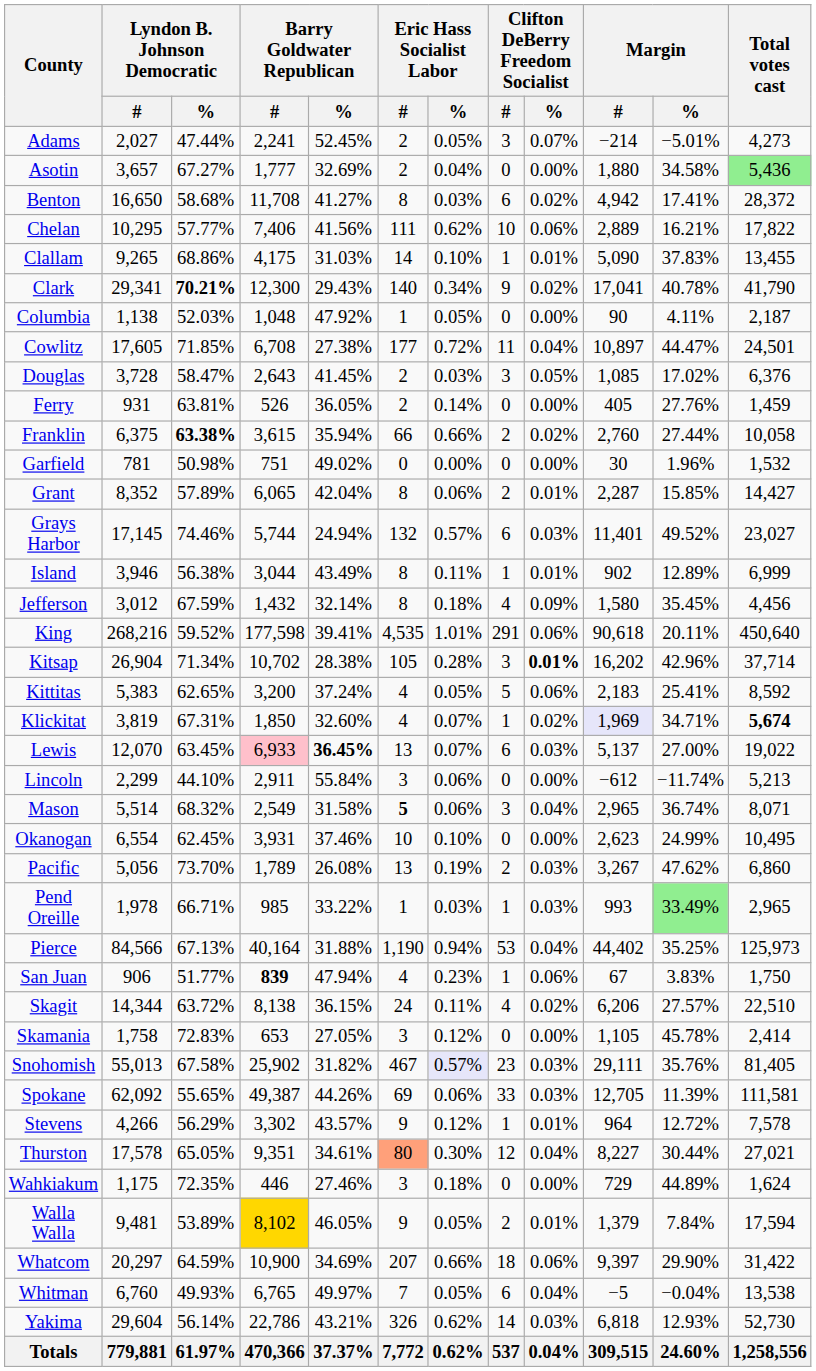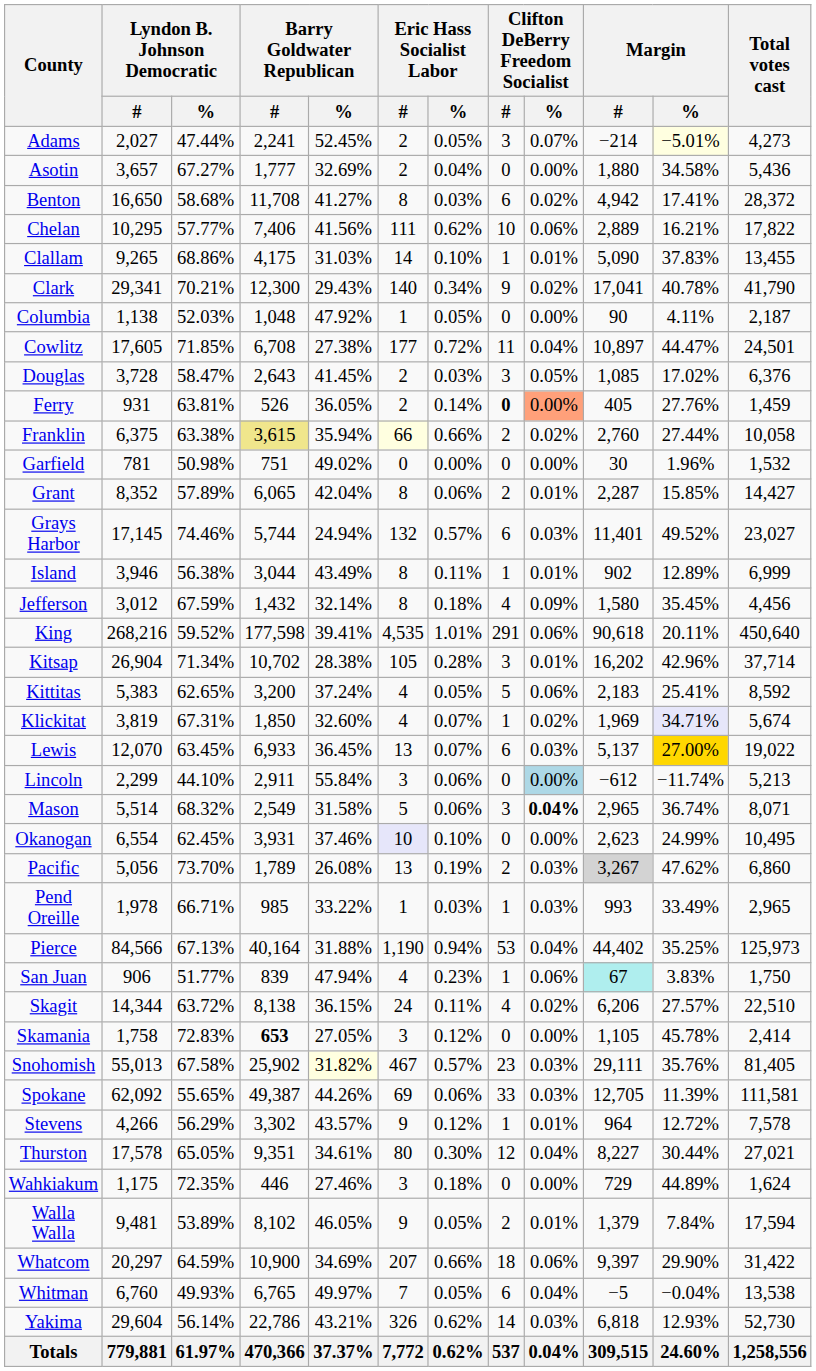 <table width="60%" class="wikitable sortable" style="text-align:center">
 <tr>
 <th rowspan="2" style="text-align:center;">County</th>
 <th colspan="2" style="text-align:center;">Lyndon B. Johnson<br>Democratic</th>
 <th colspan="2" style="text-align:center;">Barry Goldwater<br>Republican</th>
 <th colspan="2" style="text-align:center;">Eric Hass<br>Socialist Labor</th>
 <th colspan="2" style="text-align:center;">Clifton DeBerry<br>Freedom Socialist</th>
 <th colspan="2" style="text-align:center;">Margin</th>
 <th rowspan="2" style="text-align:center;">Total votes cast</th>
 </tr>
 <tr>
 <th style="text-align:center;" data-sort-type="number">#</th>
 <th style="text-align:center;" data-sort-type="number">%</th>
 <th style="text-align:center;" data-sort-type="number">#</th>
 <th style="text-align:center;" data-sort-type="number">%</th>
 <th style="text-align:center;" data-sort-type="number">#</th>
 <th style="text-align:center;" data-sort-type="number">%</th>
 <th style="text-align:center;" data-sort-type="number">#</th>
 <th style="text-align:center;" data-sort-type="number">%</th>
 <th style="text-align:center;" data-sort-type="number">#</th>
 <th style="text-align:center;" data-sort-type="number">%</th>
 </tr>
 <tr style="text-align:center;">
 <td><a href='#'>Adams</a></td>
 <td>2,027</td>
 <td>47.44%</td>
 <td>2,241</td>
 <td>52.45%</td>
 <td>2</td>
 <td>0.05%</td>
 <td>3</td>
 <td>0.07%</td>
 <td>−214</td>
-<td>−5.01%</td>
+<td style="background: lightyellow;">−5.01%</td>
 <td>4,273</td>
 </tr>
 <tr style="text-align:center;">
 <td><a href='#'>Asotin</a></td>
 <td>3,657</td>
 <td>67.27%</td>
 <td>1,777</td>
 <td>32.69%</td>
 <td>2</td>
 <td>0.04%</td>
 <td>0</td>
 <td>0.00%</td>
 <td>1,880</td>
 <td>34.58%</td>
-<td style="background: lightgreen;">5,436</td>
+<td>5,436</td>
 </tr>
 <tr style="text-align:center;">
 <td><a href='#'>Benton</a></td>
 <td>16,650</td>
 <td>58.68%</td>
 <td>11,708</td>
 <td>41.27%</td>
 <td>8</td>
 <td>0.03%</td>
 <td>6</td>
 <td>0.02%</td>
 <td>4,942</td>
 <td>17.41%</td>
 <td>28,372</td>
 </tr>
 <tr style="text-align:center;">
 <td><a href='#'>Chelan</a></td>
 <td>10,295</td>
 <td>57.77%</td>
 <td>7,406</td>
 <td>41.56%</td>
 <td>111</td>
 <td>0.62%</td>
 <td>10</td>
 <td>0.06%</td>
 <td>2,889</td>
 <td>16.21%</td>
 <td>17,822</td>
 </tr>
 <tr style="text-align:center;">
 <td><a href='#'>Clallam</a></td>
 <td>9,265</td>
 <td>68.86%</td>
 <td>4,175</td>
 <td>31.03%</td>
 <td>14</td>
 <td>0.10%</td>
 <td>1</td>
 <td>0.01%</td>
 <td>5,090</td>
 <td>37.83%</td>
 <td>13,455</td>
 </tr>
 <tr style="text-align:center;">
 <td><a href='#'>Clark</a></td>
 <td>29,341</td>
-<td><strong>70.21%</strong></td>
+<td>70.21%</td>
 <td>12,300</td>
 <td>29.43%</td>
 <td>140</td>
 <td>0.34%</td>
 <td>9</td>
 <td>0.02%</td>
 <td>17,041</td>
 <td>40.78%</td>
 <td>41,790</td>
 </tr>
 <tr style="text-align:center;">
 <td><a href='#'>Columbia</a></td>
 <td>1,138</td>
 <td>52.03%</td>
 <td>1,048</td>
 <td>47.92%</td>
 <td>1</td>
 <td>0.05%</td>
 <td>0</td>
 <td>0.00%</td>
 <td>90</td>
 <td>4.11%</td>
 <td>2,187</td>
 </tr>
 <tr style="text-align:center;">
 <td><a href='#'>Cowlitz</a></td>
 <td>17,605</td>
 <td>71.85%</td>
 <td>6,708</td>
 <td>27.38%</td>
 <td>177</td>
 <td>0.72%</td>
 <td>11</td>
 <td>0.04%</td>
 <td>10,897</td>
 <td>44.47%</td>
 <td>24,501</td>
 </tr>
 <tr style="text-align:center;">
 <td><a href='#'>Douglas</a></td>
 <td>3,728</td>
 <td>58.47%</td>
 <td>2,643</td>
 <td>41.45%</td>
 <td>2</td>
 <td>0.03%</td>
 <td>3</td>
 <td>0.05%</td>
 <td>1,085</td>
 <td>17.02%</td>
 <td>6,376</td>
 </tr>
 <tr style="text-align:center;">
 <td><a href='#'>Ferry</a></td>
 <td>931</td>
 <td>63.81%</td>
 <td>526</td>
 <td>36.05%</td>
 <td>2</td>
 <td>0.14%</td>
-<td>0</td>
-<td>0.00%</td>
+<td><strong>0</strong></td>
+<td style="background: lightsalmon;">0.00%</td>
 <td>405</td>
 <td>27.76%</td>
 <td>1,459</td>
 </tr>
 <tr style="text-align:center;">
 <td><a href='#'>Franklin</a></td>
 <td>6,375</td>
-<td><strong>63.38%</strong></td>
-<td>3,615</td>
+<td>63.38%</td>
+<td style="background: khaki;">3,615</td>
 <td>35.94%</td>
-<td>66</td>
+<td style="background: lightyellow;">66</td>
 <td>0.66%</td>
 <td>2</td>
 <td>0.02%</td>
 <td>2,760</td>
 <td>27.44%</td>
 <td>10,058</td>
 </tr>
 <tr style="text-align:center;">
 <td><a href='#'>Garfield</a></td>
 <td>781</td>
 <td>50.98%</td>
 <td>751</td>
 <td>49.02%</td>
 <td>0</td>
 <td>0.00%</td>
 <td>0</td>
 <td>0.00%</td>
 <td>30</td>
 <td>1.96%</td>
 <td>1,532</td>
 </tr>
 <tr style="text-align:center;">
 <td><a href='#'>Grant</a></td>
 <td>8,352</td>
 <td>57.89%</td>
 <td>6,065</td>
 <td>42.04%</td>
 <td>8</td>
 <td>0.06%</td>
 <td>2</td>
 <td>0.01%</td>
 <td>2,287</td>
 <td>15.85%</td>
 <td>14,427</td>
 </tr>
 <tr style="text-align:center;">
 <td><a href='#'>Grays Harbor</a></td>
 <td>17,145</td>
 <td>74.46%</td>
 <td>5,744</td>
 <td>24.94%</td>
 <td>132</td>
 <td>0.57%</td>
 <td>6</td>
 <td>0.03%</td>
 <td>11,401</td>
 <td>49.52%</td>
 <td>23,027</td>
 </tr>
 <tr style="text-align:center;">
 <td><a href='#'>Island</a></td>
 <td>3,946</td>
 <td>56.38%</td>
 <td>3,044</td>
 <td>43.49%</td>
 <td>8</td>
 <td>0.11%</td>
 <td>1</td>
 <td>0.01%</td>
 <td>902</td>
 <td>12.89%</td>
 <td>6,999</td>
 </tr>
 <tr style="text-align:center;">
 <td><a href='#'>Jefferson</a></td>
 <td>3,012</td>
 <td>67.59%</td>
 <td>1,432</td>
 <td>32.14%</td>
 <td>8</td>
 <td>0.18%</td>
 <td>4</td>
 <td>0.09%</td>
 <td>1,580</td>
 <td>35.45%</td>
 <td>4,456</td>
 </tr>
 <tr style="text-align:center;">
 <td><a href='#'>King</a></td>
 <td>268,216</td>
 <td>59.52%</td>
 <td>177,598</td>
 <td>39.41%</td>
 <td>4,535</td>
 <td>1.01%</td>
 <td>291</td>
 <td>0.06%</td>
 <td>90,618</td>
 <td>20.11%</td>
 <td>450,640</td>
 </tr>
 <tr style="text-align:center;">
 <td><a href='#'>Kitsap</a></td>
 <td>26,904</td>
 <td>71.34%</td>
 <td>10,702</td>
 <td>28.38%</td>
 <td>105</td>
 <td>0.28%</td>
 <td>3</td>
-<td><strong>0.01%</strong></td>
+<td>0.01%</td>
 <td>16,202</td>
 <td>42.96%</td>
 <td>37,714</td>
 </tr>
 <tr style="text-align:center;">
 <td><a href='#'>Kittitas</a></td>
 <td>5,383</td>
 <td>62.65%</td>
 <td>3,200</td>
 <td>37.24%</td>
 <td>4</td>
 <td>0.05%</td>
 <td>5</td>
 <td>0.06%</td>
 <td>2,183</td>
 <td>25.41%</td>
 <td>8,592</td>
 </tr>
 <tr style="text-align:center;">
 <td><a href='#'>Klickitat</a></td>
 <td>3,819</td>
 <td>67.31%</td>
 <td>1,850</td>
 <td>32.60%</td>
 <td>4</td>
 <td>0.07%</td>
 <td>1</td>
 <td>0.02%</td>
-<td style="background: lavender;">1,969</td>
-<td>34.71%</td>
-<td><strong>5,674</strong></td>
+<td>1,969</td>
+<td style="background: lavender;">34.71%</td>
+<td>5,674</td>
 </tr>
 <tr style="text-align:center;">
 <td><a href='#'>Lewis</a></td>
 <td>12,070</td>
 <td>63.45%</td>
-<td style="background: pink;">6,933</td>
-<td><strong>36.45%</strong></td>
+<td>6,933</td>
+<td>36.45%</td>
 <td>13</td>
 <td>0.07%</td>
 <td>6</td>
 <td>0.03%</td>
 <td>5,137</td>
-<td>27.00%</td>
+<td style="background: gold;">27.00%</td>
 <td>19,022</td>
 </tr>
 <tr style="text-align:center;">
 <td><a href='#'>Lincoln</a></td>
 <td>2,299</td>
 <td>44.10%</td>
 <td>2,911</td>
 <td>55.84%</td>
 <td>3</td>
 <td>0.06%</td>
 <td>0</td>
-<td>0.00%</td>
+<td style="background: lightblue;">0.00%</td>
 <td>−612</td>
 <td>−11.74%</td>
 <td>5,213</td>
 </tr>
 <tr style="text-align:center;">
 <td><a href='#'>Mason</a></td>
 <td>5,514</td>
 <td>68.32%</td>
 <td>2,549</td>
 <td>31.58%</td>
-<td><strong>5</strong></td>
+<td>5</td>
 <td>0.06%</td>
 <td>3</td>
-<td>0.04%</td>
+<td><strong>0.04%</strong></td>
 <td>2,965</td>
 <td>36.74%</td>
 <td>8,071</td>
 </tr>
 <tr style="text-align:center;">
 <td><a href='#'>Okanogan</a></td>
 <td>6,554</td>
 <td>62.45%</td>
 <td>3,931</td>
 <td>37.46%</td>
-<td>10</td>
+<td style="background: lavender;">10</td>
 <td>0.10%</td>
 <td>0</td>
 <td>0.00%</td>
 <td>2,623</td>
 <td>24.99%</td>
 <td>10,495</td>
 </tr>
 <tr style="text-align:center;">
 <td><a href='#'>Pacific</a></td>
 <td>5,056</td>
 <td>73.70%</td>
 <td>1,789</td>
 <td>26.08%</td>
 <td>13</td>
 <td>0.19%</td>
 <td>2</td>
 <td>0.03%</td>
-<td>3,267</td>
+<td style="background: lightgrey;">3,267</td>
 <td>47.62%</td>
 <td>6,860</td>
 </tr>
 <tr style="text-align:center;">
 <td><a href='#'>Pend Oreille</a></td>
 <td>1,978</td>
 <td>66.71%</td>
 <td>985</td>
 <td>33.22%</td>
 <td>1</td>
 <td>0.03%</td>
 <td>1</td>
 <td>0.03%</td>
 <td>993</td>
-<td style="background: lightgreen;">33.49%</td>
+<td>33.49%</td>
 <td>2,965</td>
 </tr>
 <tr style="text-align:center;">
 <td><a href='#'>Pierce</a></td>
 <td>84,566</td>
 <td>67.13%</td>
 <td>40,164</td>
 <td>31.88%</td>
 <td>1,190</td>
 <td>0.94%</td>
 <td>53</td>
 <td>0.04%</td>
 <td>44,402</td>
 <td>35.25%</td>
 <td>125,973</td>
 </tr>
 <tr style="text-align:center;">
 <td><a href='#'>San Juan</a></td>
 <td>906</td>
 <td>51.77%</td>
-<td><strong>839</strong></td>
+<td>839</td>
 <td>47.94%</td>
 <td>4</td>
 <td>0.23%</td>
 <td>1</td>
 <td>0.06%</td>
-<td>67</td>
+<td style="background: paleturquoise;">67</td>
 <td>3.83%</td>
 <td>1,750</td>
 </tr>
 <tr style="text-align:center;">
 <td><a href='#'>Skagit</a></td>
 <td>14,344</td>
 <td>63.72%</td>
 <td>8,138</td>
 <td>36.15%</td>
 <td>24</td>
 <td>0.11%</td>
 <td>4</td>
 <td>0.02%</td>
 <td>6,206</td>
 <td>27.57%</td>
 <td>22,510</td>
 </tr>
 <tr style="text-align:center;">
 <td><a href='#'>Skamania</a></td>
 <td>1,758</td>
 <td>72.83%</td>
-<td>653</td>
+<td><strong>653</strong></td>
 <td>27.05%</td>
 <td>3</td>
 <td>0.12%</td>
 <td>0</td>
 <td>0.00%</td>
 <td>1,105</td>
 <td>45.78%</td>
 <td>2,414</td>
 </tr>
 <tr style="text-align:center;">
 <td><a href='#'>Snohomish</a></td>
 <td>55,013</td>
 <td>67.58%</td>
 <td>25,902</td>
-<td>31.82%</td>
+<td style="background: lightyellow;">31.82%</td>
 <td>467</td>
-<td style="background: lavender;">0.57%</td>
+<td>0.57%</td>
 <td>23</td>
 <td>0.03%</td>
 <td>29,111</td>
 <td>35.76%</td>
 <td>81,405</td>
 </tr>
 <tr style="text-align:center;">
 <td><a href='#'>Spokane</a></td>
 <td>62,092</td>
 <td>55.65%</td>
 <td>49,387</td>
 <td>44.26%</td>
 <td>69</td>
 <td>0.06%</td>
 <td>33</td>
 <td>0.03%</td>
 <td>12,705</td>
 <td>11.39%</td>
 <td>111,581</td>
 </tr>
 <tr style="text-align:center;">
 <td><a href='#'>Stevens</a></td>
 <td>4,266</td>
 <td>56.29%</td>
 <td>3,302</td>
 <td>43.57%</td>
 <td>9</td>
 <td>0.12%</td>
 <td>1</td>
 <td>0.01%</td>
 <td>964</td>
 <td>12.72%</td>
 <td>7,578</td>
 </tr>
 <tr style="text-align:center;">
 <td><a href='#'>Thurston</a></td>
 <td>17,578</td>
 <td>65.05%</td>
 <td>9,351</td>
 <td>34.61%</td>
-<td style="background: lightsalmon;">80</td>
+<td>80</td>
 <td>0.30%</td>
 <td>12</td>
 <td>0.04%</td>
 <td>8,227</td>
 <td>30.44%</td>
 <td>27,021</td>
 </tr>
 <tr style="text-align:center;">
 <td><a href='#'>Wahkiakum</a></td>
 <td>1,175</td>
 <td>72.35%</td>
 <td>446</td>
 <td>27.46%</td>
 <td>3</td>
 <td>0.18%</td>
 <td>0</td>
 <td>0.00%</td>
 <td>729</td>
 <td>44.89%</td>
 <td>1,624</td>
 </tr>
 <tr style="text-align:center;">
 <td><a href='#'>Walla Walla</a></td>
 <td>9,481</td>
 <td>53.89%</td>
-<td style="background: gold;">8,102</td>
+<td>8,102</td>
 <td>46.05%</td>
 <td>9</td>
 <td>0.05%</td>
 <td>2</td>
 <td>0.01%</td>
 <td>1,379</td>
 <td>7.84%</td>
 <td>17,594</td>
 </tr>
 <tr style="text-align:center;">
 <td><a href='#'>Whatcom</a></td>
 <td>20,297</td>
 <td>64.59%</td>
 <td>10,900</td>
 <td>34.69%</td>
 <td>207</td>
 <td>0.66%</td>
 <td>18</td>
 <td>0.06%</td>
 <td>9,397</td>
 <td>29.90%</td>
 <td>31,422</td>
 </tr>
 <tr style="text-align:center;">
 <td><a href='#'>Whitman</a></td>
 <td>6,760</td>
 <td>49.93%</td>
 <td>6,765</td>
 <td>49.97%</td>
 <td>7</td>
 <td>0.05%</td>
 <td>6</td>
 <td>0.04%</td>
 <td>−5</td>
 <td>−0.04%</td>
 <td>13,538</td>
 </tr>
 <tr style="text-align:center;">
 <td><a href='#'>Yakima</a></td>
 <td>29,604</td>
 <td>56.14%</td>
 <td>22,786</td>
 <td>43.21%</td>
 <td>326</td>
 <td>0.62%</td>
 <td>14</td>
 <td>0.03%</td>
 <td>6,818</td>
 <td>12.93%</td>
 <td>52,730</td>
 </tr>
 <tr style="text-align:center;">
 <th>Totals</th>
 <th>779,881</th>
 <th>61.97%</th>
 <th>470,366</th>
 <th>37.37%</th>
 <th>7,772</th>
 <th>0.62%</th>
 <th>537</th>
 <th>0.04%</th>
 <th>309,515</th>
 <th>24.60%</th>
 <th>1,258,556</th>
 </tr>
 </table>
